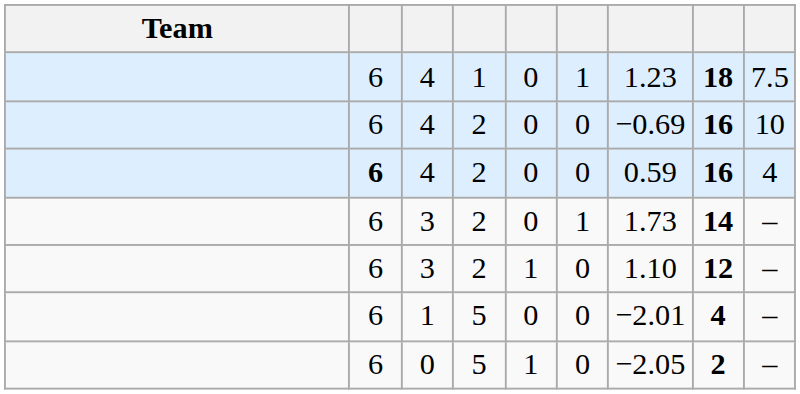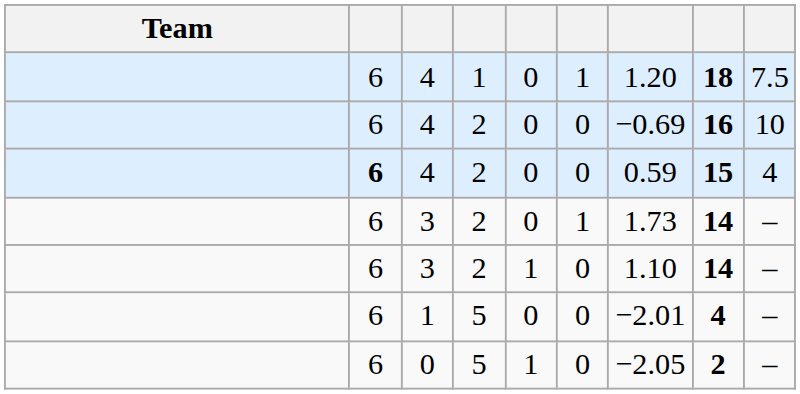 <table class="wikitable" style="text-align:center">
 <tr>
 <th width=175>Team</th>
 <th width=20></th>
 <th width=20></th>
 <th width=20></th>
 <th width=20></th>
 <th width=20></th>
 <th width=20></th>
 <th width=20></th>
 <th width=20></th>
 </tr>
 <tr bgcolor="#ddeeff">
 <td align="left"></td>
 <td>6</td>
 <td>4</td>
 <td>1</td>
 <td>0</td>
 <td>1</td>
-<td>1.23</td>
+<td>1.20</td>
 <td><strong>18</strong></td>
 <td>7.5</td>
 </tr>
 <tr bgcolor="#ddeeff">
 <td align="left"></td>
 <td>6</td>
 <td>4</td>
 <td>2</td>
 <td>0</td>
 <td>0</td>
 <td>−0.69</td>
 <td><strong>16</strong></td>
 <td>10</td>
 </tr>
 <tr bgcolor="#ddeeff">
 <td align="left"></td>
 <td><strong>6</strong></td>
 <td>4</td>
 <td>2</td>
 <td>0</td>
 <td>0</td>
 <td>0.59</td>
-<td><strong>16</strong></td>
+<td><strong>15</strong></td>
 <td>4</td>
 </tr>
 <tr>
 <td align="left"></td>
 <td>6</td>
 <td>3</td>
 <td>2</td>
 <td>0</td>
 <td>1</td>
 <td>1.73</td>
 <td><strong>14</strong></td>
 <td>–</td>
 </tr>
 <tr>
 <td align="left"></td>
 <td>6</td>
 <td>3</td>
 <td>2</td>
 <td>1</td>
 <td>0</td>
 <td>1.10</td>
-<td><strong>12</strong></td>
+<td><strong>14</strong></td>
 <td>–</td>
 </tr>
 <tr>
 <td align="left"></td>
 <td>6</td>
 <td>1</td>
 <td>5</td>
 <td>0</td>
 <td>0</td>
 <td>−2.01</td>
 <td><strong>4</strong></td>
 <td>–</td>
 </tr>
 <tr>
 <td align="left"></td>
 <td>6</td>
 <td>0</td>
 <td>5</td>
 <td>1</td>
 <td>0</td>
 <td>−2.05</td>
 <td><strong>2</strong></td>
 <td>–</td>
 </tr>
 </table>
